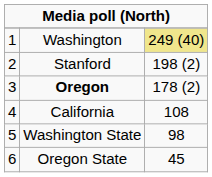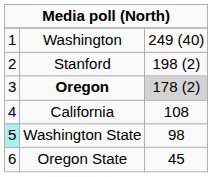 <table class="wikitable">
 <tr align="center">
 <td align="center" Colspan="3"><strong>Media poll (North)</strong></td>
 </tr>
 <tr align="center">
 </tr>
 <tr align="center">
 <td>1</td>
 <td>Washington</td>
-<td style="background: khaki;">249 (40)</td>
+<td>249 (40)</td>
 </tr>
 <tr align="center">
 <td>2</td>
 <td>Stanford</td>
 <td>198 (2)</td>
 </tr>
 <tr align="center">
 <td>3</td>
 <td><strong>Oregon</strong></td>
-<td>178 (2)</td>
+<td style="background: lightgrey;">178 (2)</td>
 </tr>
 <tr align="center">
 <td>4</td>
 <td>California</td>
 <td>108</td>
 </tr>
 <tr align="center">
-<td>5</td>
+<td style="background: paleturquoise;">5</td>
 <td>Washington State</td>
 <td>98</td>
 </tr>
 <tr align="center">
 <td>6</td>
 <td>Oregon State</td>
 <td>45</td>
 </tr>
 </table>
